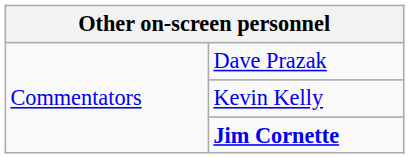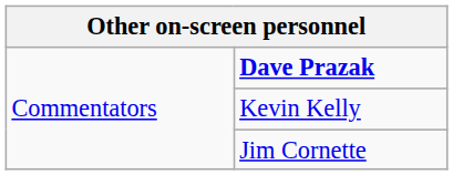 <table align="right" class="wikitable" style="border:1px; font-size:90%; margin-left:1em;">
 <tr>
 <th colspan="2" width="250"><strong>Other on-screen personnel</strong></th>
 </tr>
 <tr>
 <td rowspan=3><a href='#'>Commentators</a></td>
-<td><a href='#'>Dave Prazak</a></td>
+<td><strong><a href='#'>Dave Prazak</a></strong></td>
 </tr>
 <tr>
 <td><a href='#'>Kevin Kelly</a></td>
 </tr>
 <tr>
-<td><strong><a href='#'>Jim Cornette</a></strong></td>
+<td><a href='#'>Jim Cornette</a></td>
 </tr>
 </table>
